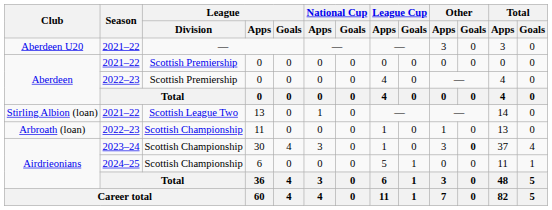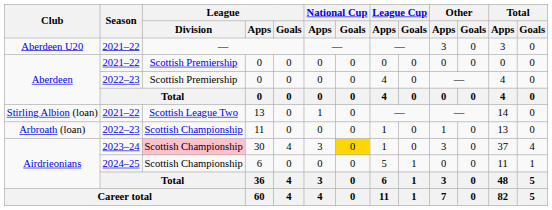 <table class="wikitable" style="text-align:center">
 <tr>
 <th rowspan="2">Club</th>
 <th rowspan="2">Season</th>
 <th colspan="3">League</th>
 <th colspan="2"><a href='#'>National Cup</a></th>
 <th colspan="2"><a href='#'>League Cup</a></th>
 <th colspan="2">Other</th>
 <th colspan="2">Total</th>
 </tr>
 <tr>
 <th>Division</th>
 <th>Apps</th>
 <th>Goals</th>
 <th>Apps</th>
 <th>Goals</th>
 <th>Apps</th>
 <th>Goals</th>
 <th>Apps</th>
 <th>Goals</th>
 <th>Apps</th>
 <th>Goals</th>
 </tr>
 <tr>
 <td><a href='#'>Aberdeen U20</a></td>
 <td><a href='#'>2021–22</a></td>
 <td colspan="3">—</td>
 <td colspan="2">—</td>
 <td colspan="2">—</td>
 <td>3</td>
 <td>0</td>
 <td>3</td>
 <td>0</td>
 </tr>
 <tr>
 <td rowspan="3"><a href='#'>Aberdeen</a></td>
 <td><a href='#'>2021–22</a></td>
 <td><a href='#'>Scottish Premiership</a></td>
 <td>0</td>
 <td>0</td>
 <td>0</td>
 <td>0</td>
 <td>0</td>
 <td>0</td>
 <td>0</td>
 <td>0</td>
 <td>0</td>
 <td>0</td>
 </tr>
 <tr>
 <td><a href='#'>2022–23</a></td>
 <td>Scottish Premiership</td>
 <td>0</td>
 <td>0</td>
 <td>0</td>
 <td>0</td>
 <td>4</td>
 <td>0</td>
 <td colspan="2">—</td>
 <td>4</td>
 <td>0</td>
 </tr>
 <tr>
 <th colspan="2">Total</th>
 <th>0</th>
 <th>0</th>
 <th>0</th>
 <th>0</th>
 <th>4</th>
 <th>0</th>
 <th>0</th>
 <th>0</th>
 <th>4</th>
 <th>0</th>
 </tr>
 <tr>
 <td><a href='#'>Stirling Albion</a> (loan)</td>
 <td><a href='#'>2021–22</a></td>
 <td><a href='#'>Scottish League Two</a></td>
 <td>13</td>
 <td>0</td>
 <td>1</td>
 <td>0</td>
 <td colspan="2">—</td>
 <td colspan="2">—</td>
 <td>14</td>
 <td>0</td>
 </tr>
 <tr>
 <td><a href='#'>Arbroath</a> (loan)</td>
 <td><a href='#'>2022–23</a></td>
 <td><a href='#'>Scottish Championship</a></td>
 <td>11</td>
 <td>0</td>
 <td>0</td>
 <td>0</td>
 <td>1</td>
 <td>0</td>
 <td>1</td>
 <td>0</td>
 <td>13</td>
 <td>0</td>
 </tr>
 <tr>
 <td rowspan="3"><a href='#'>Airdrieonians</a></td>
 <td><a href='#'>2023–24</a></td>
-<td>Scottish Championship</td>
+<td style="background: pink;">Scottish Championship</td>
 <td>30</td>
 <td>4</td>
 <td>3</td>
-<td>0</td>
+<td style="background: gold;">0</td>
 <td>1</td>
 <td>0</td>
 <td>3</td>
-<td><strong>0</strong></td>
+<td>0</td>
 <td>37</td>
 <td>4</td>
 </tr>
 <tr>
 <td><a href='#'>2024–25</a></td>
 <td>Scottish Championship</td>
 <td>6</td>
 <td>0</td>
 <td>0</td>
 <td>0</td>
 <td>5</td>
 <td>1</td>
 <td>0</td>
 <td>0</td>
 <td>11</td>
 <td>1</td>
 </tr>
 <tr>
 <th colspan="2">Total</th>
 <th>36</th>
 <th>4</th>
 <th>3</th>
 <th>0</th>
 <th>6</th>
 <th>1</th>
 <th>3</th>
 <th>0</th>
 <th>48</th>
 <th>5</th>
 </tr>
 <tr>
 <th colspan=3>Career total</th>
 <th>60</th>
 <th>4</th>
 <th>4</th>
 <th>0</th>
 <th>11</th>
 <th>1</th>
 <th>7</th>
 <th>0</th>
 <th>82</th>
 <th>5</th>
 </tr>
 </table>
